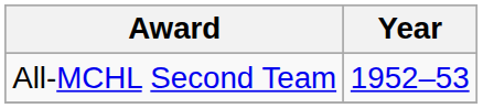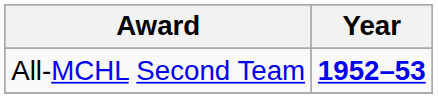 <table class="wikitable">
 <tr>
 <th>Award</th>
 <th>Year</th>
 </tr>
 <tr>
 <td>All-<a href='#'>MCHL</a> <a href='#'>Second Team</a></td>
-<td><a href='#'>1952–53</a></td>
+<td><strong><a href='#'>1952–53</a></strong></td>
 </tr>
 <tr>
 </tr>
 </table>
